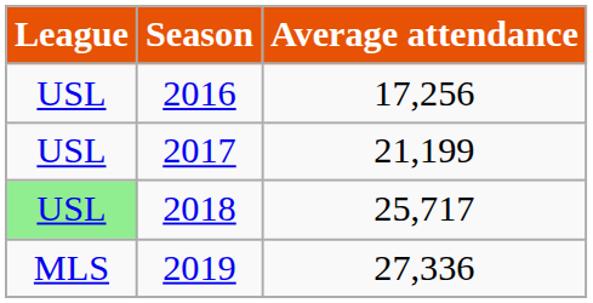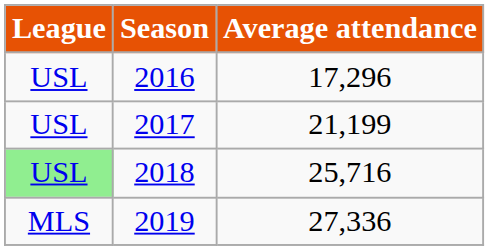 <table class=wikitable style="text-align:center">
 <tr>
 <th style="background:#E75204; color:#FFFFFF; ">League</th>
 <th style="background:#E75204; color:#FFFFFF; ">Season</th>
 <th style="background:#E75204; color:#FFFFFF; ">Average attendance</th>
 </tr>
 <tr>
 <td><a href='#'>USL</a></td>
 <td><a href='#'>2016</a></td>
-<td>17,256</td>
+<td>17,296</td>
 </tr>
 <tr>
 <td><a href='#'>USL</a></td>
 <td><a href='#'>2017</a></td>
 <td>21,199</td>
 </tr>
 <tr>
 <td style="background: lightgreen;"><a href='#'>USL</a></td>
 <td><a href='#'>2018</a></td>
-<td>25,717</td>
+<td>25,716</td>
 </tr>
 <tr>
 <td><a href='#'>MLS</a></td>
 <td><a href='#'>2019</a></td>
 <td>27,336</td>
 </tr>
 </table>
